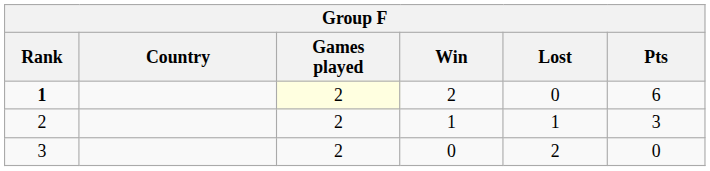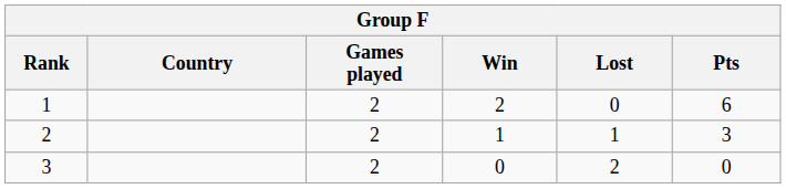 <table class="wikitable" style= "text-align: center; Width:50%">
 <tr>
 <th colspan= 6>Group F</th>
 </tr>
 <tr>
 <th width=2%>Rank</th>
 <th width=10%>Country</th>
 <th width=5%>Games <br> played</th>
 <th width=5%>Win</th>
 <th width=5%>Lost</th>
 <th width=5%>Pts</th>
 </tr>
 <tr>
-<td><strong>1</strong></td>
+<td>1</td>
 <td style= "text-align: left"></td>
-<td style="background: lightyellow;">2</td>
+<td>2</td>
 <td>2</td>
 <td>0</td>
 <td>6</td>
 </tr>
 <tr>
 <td>2</td>
 <td style= "text-align: left"></td>
 <td>2</td>
 <td>1</td>
 <td>1</td>
 <td>3</td>
 </tr>
 <tr>
 <td>3</td>
 <td style= "text-align: left"></td>
 <td>2</td>
 <td>0</td>
 <td>2</td>
 <td>0</td>
 </tr>
 </table>
